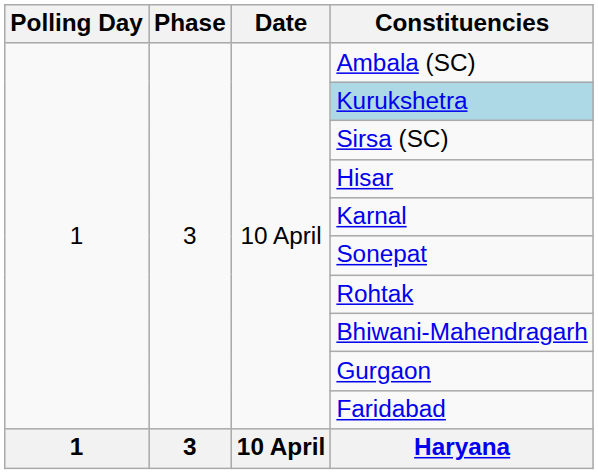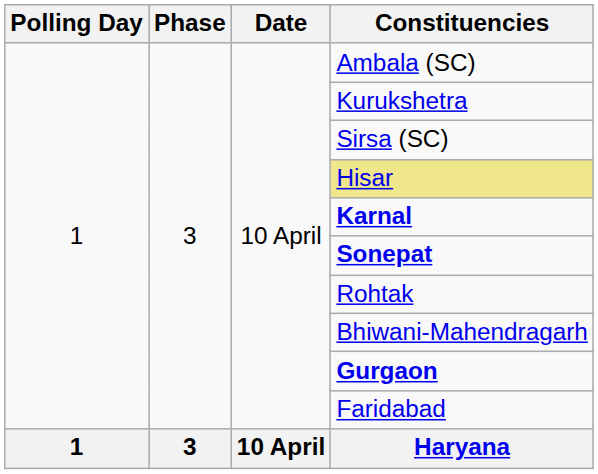 <table class="wikitable sortable">
 <tr>
 <th>Polling Day</th>
 <th>Phase</th>
 <th>Date</th>
 <th>Constituencies</th>
 </tr>
 <tr>
 <td rowspan="10" style="text-align:center;">1</td>
 <td rowspan="10" style="text-align:center;">3</td>
 <td rowspan="10" style="text-align:center;">10 April</td>
 <td><a href='#'>Ambala</a> (SC)</td>
 </tr>
 <tr>
-<td style="background: lightblue;"><a href='#'>Kurukshetra</a></td>
+<td><a href='#'>Kurukshetra</a></td>
 </tr>
 <tr>
 <td><a href='#'>Sirsa</a> (SC)</td>
 </tr>
 <tr>
-<td><a href='#'>Hisar</a></td>
+<td style="background: khaki;"><a href='#'>Hisar</a></td>
 </tr>
 <tr>
-<td><a href='#'>Karnal</a></td>
+<td><strong><a href='#'>Karnal</a></strong></td>
 </tr>
 <tr>
-<td><a href='#'>Sonepat</a></td>
+<td><strong><a href='#'>Sonepat</a></strong></td>
 </tr>
 <tr>
 <td><a href='#'>Rohtak</a></td>
 </tr>
 <tr>
 <td><a href='#'>Bhiwani-Mahendragarh</a></td>
 </tr>
 <tr>
-<td><a href='#'>Gurgaon</a></td>
+<td><strong><a href='#'>Gurgaon</a></strong></td>
 </tr>
 <tr>
 <td><a href='#'>Faridabad</a></td>
 </tr>
 <tr>
 <th style="text-align:center;">1</th>
 <th style="text-align:center;">3</th>
 <th style="text-align:center;">10 April</th>
 <th style="text-align:center;"><a href='#'>Haryana</a></th>
 </tr>
 </table>
